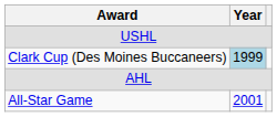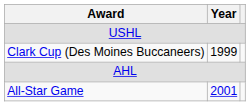 <table class="wikitable">
 <tr>
 <th>Award</th>
 <th>Year</th>
 <th></th>
 </tr>
 <tr ALIGN="center" bgcolor="#e0e0e0">
 <td colspan="3"><a href='#'>USHL</a></td>
 </tr>
 <tr>
 <td><a href='#'>Clark Cup</a> (Des Moines Buccaneers)</td>
-<td style="background: lightblue;">1999</td>
+<td>1999</td>
 <td></td>
 </tr>
 <tr ALIGN="center" bgcolor="#e0e0e0">
 <td colspan="3"><a href='#'>AHL</a></td>
 </tr>
 <tr>
 <td><a href='#'>All-Star Game</a></td>
 <td><a href='#'>2001</a></td>
 <td></td>
 </tr>
 </table>
